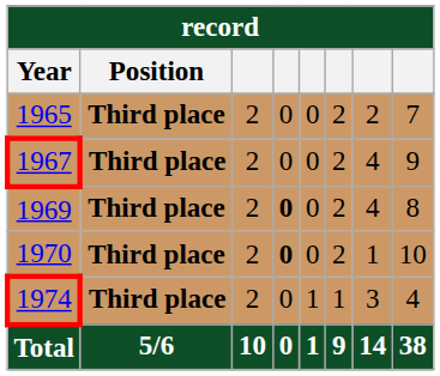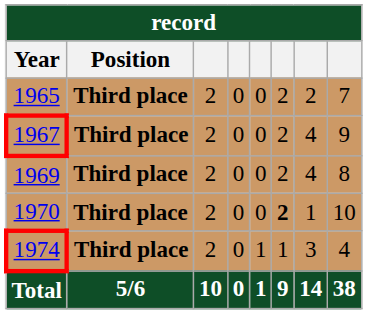 <table class="wikitable" style="text-align: center;">
 <tr>
 <th colspan=9 style="background: #0E4E27; color: #FFFFFF;"><a href='#'></a> record</th>
 </tr>
 <tr>
 <th>Year</th>
 <th>Position</th>
 <th></th>
 <th></th>
 <th></th>
 <th></th>
 <th></th>
 <th></th>
 </tr>
 <tr style="background:#cc9966;">
 <td> <a href='#'>1965</a></td>
 <td><strong>Third place</strong></td>
 <td>2</td>
 <td>0</td>
 <td>0</td>
 <td>2</td>
 <td>2</td>
 <td>7</td>
 </tr>
 <tr style="background:#cc9966;">
 <td style="border: 3px solid red"> <a href='#'>1967</a></td>
 <td><strong>Third place</strong></td>
 <td>2</td>
 <td>0</td>
 <td>0</td>
 <td>2</td>
 <td>4</td>
 <td>9</td>
 </tr>
 <tr style="background:#cc9966;">
 <td> <a href='#'>1969</a></td>
 <td><strong>Third place</strong></td>
 <td>2</td>
-<td><strong>0</strong></td>
+<td>0</td>
 <td>0</td>
 <td>2</td>
 <td>4</td>
 <td>8</td>
 </tr>
 <tr style="background:#cc9966;">
 <td> <a href='#'>1970</a></td>
 <td><strong>Third place</strong></td>
 <td>2</td>
-<td><strong>0</strong></td>
 <td>0</td>
-<td>2</td>
+<td>0</td>
+<td><strong>2</strong></td>
 <td>1</td>
 <td>10</td>
 </tr>
 <tr style="background:#cc9966;">
 <td style="border: 3px solid red"> <a href='#'>1974</a></td>
 <td><strong>Third place</strong></td>
 <td>2</td>
 <td>0</td>
 <td>1</td>
 <td>1</td>
 <td>3</td>
 <td>4</td>
 </tr>
 <tr style="background: #0E4E27; color: #FFFFFF;|">
 <td><strong>Total</strong></td>
 <td><strong>5/6</strong></td>
 <td><strong>10</strong></td>
 <td><strong>0</strong></td>
 <td><strong>1</strong></td>
 <td><strong>9</strong></td>
 <td><strong>14</strong></td>
 <td><strong>38</strong></td>
 </tr>
 </table>
